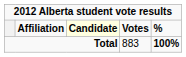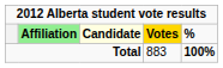 <table class="wikitable">
 <tr>
 <td colspan="5" align=center><strong>2012 Alberta student vote results</strong></td>
 </tr>
 <tr>
 <th style="width: 10px;"></th>
-<td><strong>Affiliation</strong></td>
+<td style="background: lightgreen;"><strong>Affiliation</strong></td>
 <td style="background: lightyellow;"><strong>Candidate</strong></td>
-<td><strong>Votes</strong></td>
+<td style="background: gold;"><strong>Votes</strong></td>
 <td><strong>%</strong><br>   </td>
 </tr>
 <tr>
 <td colspan="3" align="right"><strong>Total</strong></td>
 <td>883</td>
 <td><strong>100%</strong></td>
 </tr>
 </table>
